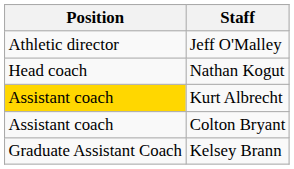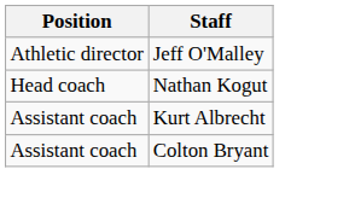 <table class="wikitable">
 <tr>
 <th width=px>Position</th>
 <th width=px>Staff</th>
 </tr>
 <tr>
 <td>Athletic director</td>
 <td> Jeff O'Malley</td>
 </tr>
 <tr>
 <td>Head coach</td>
 <td> Nathan Kogut</td>
 </tr>
 <tr>
-<td style="background: gold;">Assistant coach</td>
+<td>Assistant coach</td>
 <td> Kurt Albrecht</td>
 </tr>
 <tr>
 <td>Assistant coach</td>
 <td> Colton Bryant</td>
 </tr>
-<tr>
-<td>Graduate Assistant Coach</td>
-<td> Kelsey Brann</td>
-</tr>
 </table>
